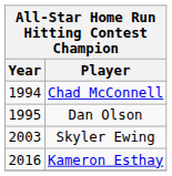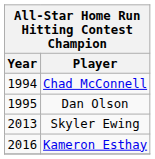 <table class="wikitable" style="display: inline-table; margin-right: 20px; text-align:center">
 <tr>
 <th scope="col" colspan="2" style="width: 145px;">All-Star Home Run Hitting Contest Champion</th>
 </tr>
 <tr>
 <th scope="col">Year</th>
 <th scope="col">Player</th>
 </tr>
 <tr>
 <td>1994</td>
 <td><a href='#'>Chad McConnell</a></td>
 </tr>
 <tr>
 <td>1995</td>
 <td>Dan Olson</td>
 </tr>
 <tr>
-<td>2003</td>
+<td>2013</td>
 <td>Skyler Ewing</td>
 </tr>
 <tr>
 <td>2016</td>
 <td><a href='#'>Kameron Esthay</a></td>
 </tr>
 <tr>
 </tr>
 </table>
